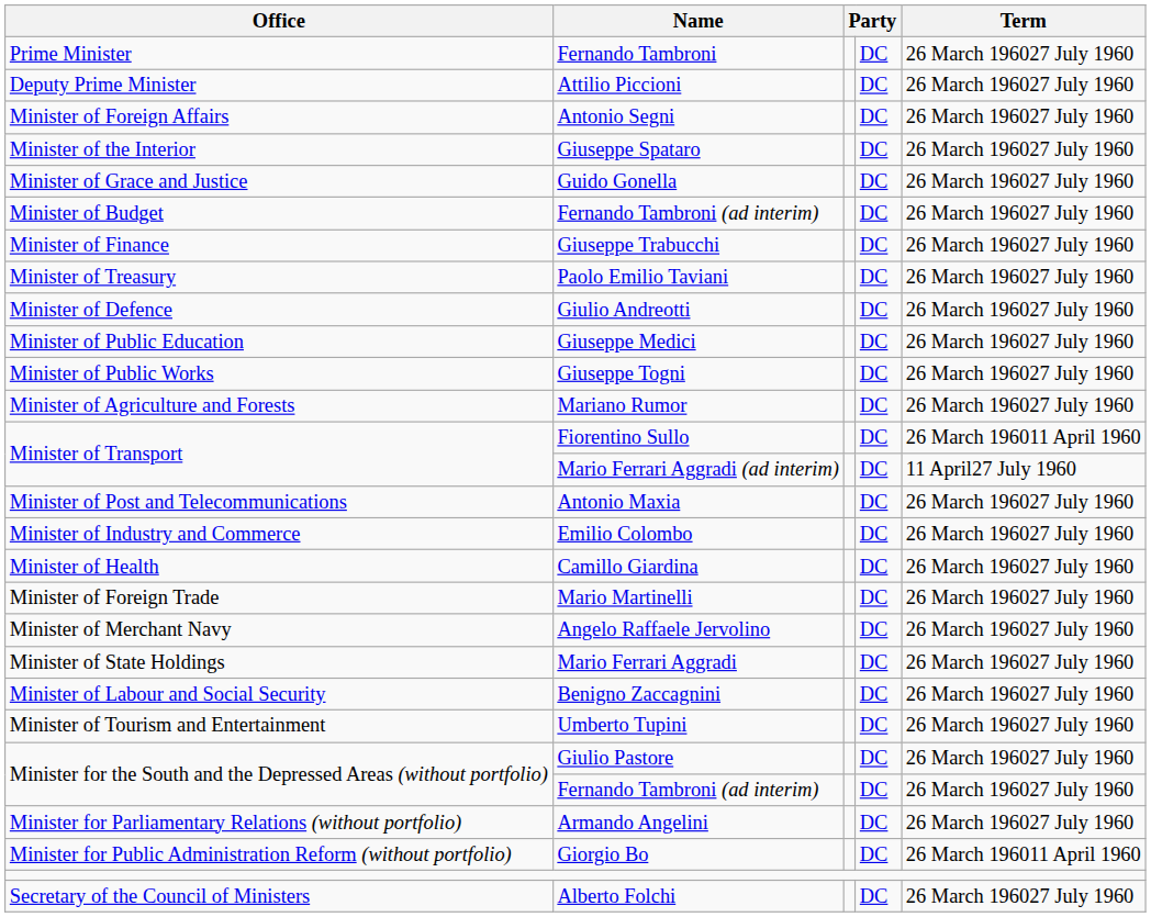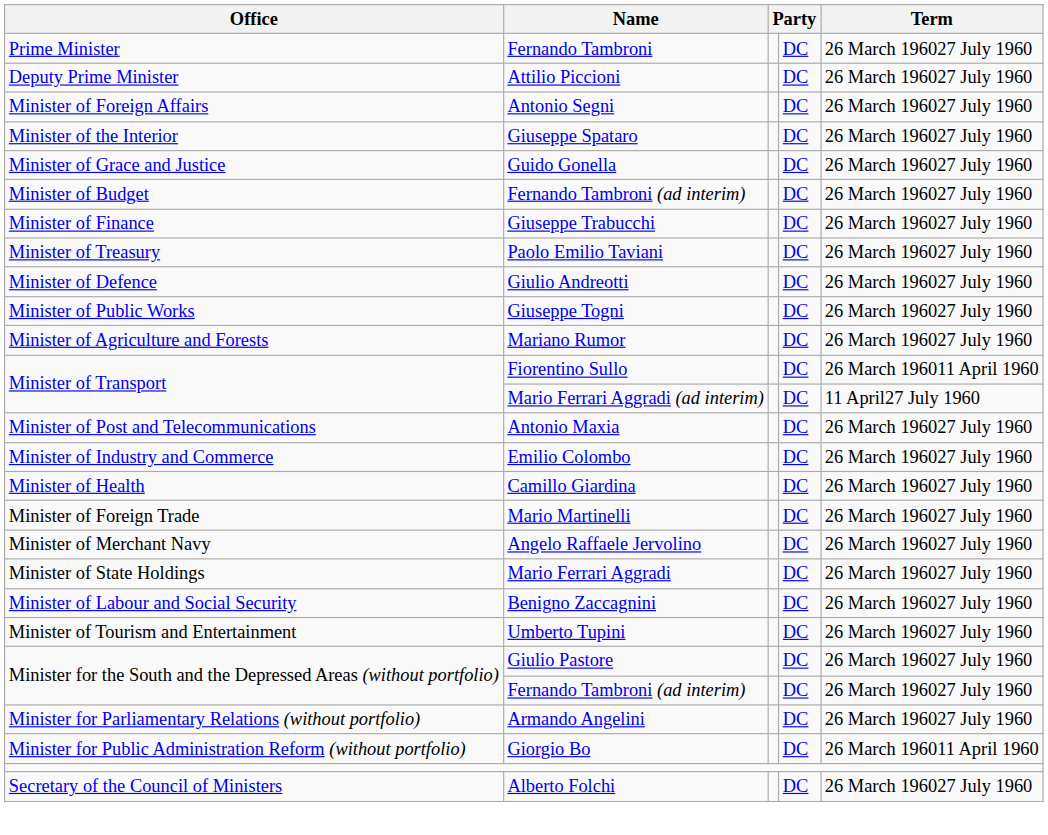 <table class="wikitable">
 <tr>
 <th>Office</th>
 <th>Name</th>
 <th colspan=2>Party</th>
 <th>Term</th>
 </tr>
 <tr>
 <td><a href='#'>Prime Minister</a></td>
 <td><a href='#'>Fernando Tambroni</a></td>
 <td></td>
 <td><a href='#'>DC</a></td>
 <td>26 March 196027 July 1960</td>
 </tr>
 <tr>
 <td><a href='#'>Deputy Prime Minister</a></td>
 <td><a href='#'>Attilio Piccioni</a></td>
 <td style="color:inherit;background:"></td>
 <td><a href='#'>DC</a></td>
 <td>26 March 196027 July 1960</td>
 </tr>
 <tr>
 <td><a href='#'>Minister of Foreign Affairs</a></td>
 <td><a href='#'>Antonio Segni</a></td>
 <td style="color:inherit;background:"></td>
 <td><a href='#'>DC</a></td>
 <td>26 March 196027 July 1960</td>
 </tr>
 <tr>
 <td><a href='#'>Minister of the Interior</a></td>
 <td><a href='#'>Giuseppe Spataro</a></td>
 <td style="color:inherit;background:"></td>
 <td><a href='#'>DC</a></td>
 <td>26 March 196027 July 1960</td>
 </tr>
 <tr>
 <td><a href='#'>Minister of Grace and Justice</a></td>
 <td><a href='#'>Guido Gonella</a></td>
 <td style="color:inherit;background:"></td>
 <td><a href='#'>DC</a></td>
 <td>26 March 196027 July 1960</td>
 </tr>
 <tr>
 <td><a href='#'>Minister of Budget</a></td>
 <td><a href='#'>Fernando Tambroni</a> <em>(ad interim)</em></td>
 <td></td>
 <td><a href='#'>DC</a></td>
 <td>26 March 196027 July 1960</td>
 </tr>
 <tr>
 <td><a href='#'>Minister of Finance</a></td>
 <td><a href='#'>Giuseppe Trabucchi</a></td>
 <td style="color:inherit;background:"></td>
 <td><a href='#'>DC</a></td>
 <td>26 March 196027 July 1960</td>
 </tr>
 <tr>
 <td><a href='#'>Minister of Treasury</a></td>
 <td><a href='#'>Paolo Emilio Taviani</a></td>
 <td></td>
 <td><a href='#'>DC</a></td>
 <td>26 March 196027 July 1960</td>
 </tr>
 <tr>
 <td><a href='#'>Minister of Defence</a></td>
 <td><a href='#'>Giulio Andreotti</a></td>
-<td style="color:inherit;background:"></td>
-<td><a href='#'>DC</a></td>
-<td>26 March 196027 July 1960</td>
-</tr>
-<tr>
-<td><a href='#'>Minister of Public Education</a></td>
-<td><a href='#'>Giuseppe Medici</a></td>
 <td style="color:inherit;background:"></td>
 <td><a href='#'>DC</a></td>
 <td>26 March 196027 July 1960</td>
 </tr>
 <tr>
 <td><a href='#'>Minister of Public Works</a></td>
 <td><a href='#'>Giuseppe Togni</a></td>
 <td style="color:inherit;background:"></td>
 <td><a href='#'>DC</a></td>
 <td>26 March 196027 July 1960</td>
 </tr>
 <tr>
 <td><a href='#'>Minister of Agriculture and Forests</a></td>
 <td><a href='#'>Mariano Rumor</a></td>
 <td style="color:inherit;background:"></td>
 <td><a href='#'>DC</a></td>
 <td>26 March 196027 July 1960</td>
 </tr>
 <tr>
 <td rowspan=2><a href='#'>Minister of Transport</a></td>
 <td><a href='#'>Fiorentino Sullo</a></td>
 <td style="color:inherit;background:"></td>
 <td><a href='#'>DC</a></td>
 <td>26 March 196011 April 1960</td>
 </tr>
 <tr>
 <td><a href='#'>Mario Ferrari Aggradi</a> <em>(ad interim)</em></td>
 <td style="color:inherit;background:"></td>
 <td><a href='#'>DC</a></td>
 <td>11 April27 July 1960</td>
 </tr>
 <tr>
 <td><a href='#'>Minister of Post and Telecommunications</a></td>
 <td><a href='#'>Antonio Maxia</a></td>
 <td style="color:inherit;background:"></td>
 <td><a href='#'>DC</a></td>
 <td>26 March 196027 July 1960</td>
 </tr>
 <tr>
 <td><a href='#'>Minister of Industry and Commerce</a></td>
 <td><a href='#'>Emilio Colombo</a></td>
 <td style="color:inherit;background:"></td>
 <td><a href='#'>DC</a></td>
 <td>26 March 196027 July 1960</td>
 </tr>
 <tr>
 <td><a href='#'>Minister of Health</a></td>
 <td><a href='#'>Camillo Giardina</a></td>
 <td style="color:inherit;background:"></td>
 <td><a href='#'>DC</a></td>
 <td>26 March 196027 July 1960</td>
 </tr>
 <tr>
 <td>Minister of Foreign Trade</td>
 <td><a href='#'>Mario Martinelli</a></td>
 <td></td>
 <td><a href='#'>DC</a></td>
 <td>26 March 196027 July 1960</td>
 </tr>
 <tr>
 <td>Minister of Merchant Navy</td>
 <td><a href='#'>Angelo Raffaele Jervolino</a></td>
 <td></td>
 <td><a href='#'>DC</a></td>
 <td>26 March 196027 July 1960</td>
 </tr>
 <tr>
 <td>Minister of State Holdings</td>
 <td><a href='#'>Mario Ferrari Aggradi</a></td>
 <td style="color:inherit;background:"></td>
 <td><a href='#'>DC</a></td>
 <td>26 March 196027 July 1960</td>
 </tr>
 <tr>
 <td><a href='#'>Minister of Labour and Social Security</a></td>
 <td><a href='#'>Benigno Zaccagnini</a></td>
 <td></td>
 <td><a href='#'>DC</a></td>
 <td>26 March 196027 July 1960</td>
 </tr>
 <tr>
 <td>Minister of Tourism and Entertainment</td>
 <td><a href='#'>Umberto Tupini</a></td>
 <td style="color:inherit;background:"></td>
 <td><a href='#'>DC</a></td>
 <td>26 March 196027 July 1960</td>
 </tr>
 <tr>
 <td rowspan=2>Minister for the South and the Depressed Areas <em>(without portfolio)</em></td>
 <td><a href='#'>Giulio Pastore</a></td>
 <td style="color:inherit;background:"></td>
 <td><a href='#'>DC</a></td>
 <td>26 March 196027 July 1960</td>
 </tr>
 <tr>
 <td><a href='#'>Fernando Tambroni</a> <em>(ad interim)</em></td>
 <td style="color:inherit;background:"></td>
 <td><a href='#'>DC</a></td>
 <td>26 March 196027 July 1960</td>
 </tr>
 <tr>
 <td><a href='#'>Minister for Parliamentary Relations</a> <em>(without portfolio)</em></td>
 <td><a href='#'>Armando Angelini</a></td>
 <td style="color:inherit;background:"></td>
 <td><a href='#'>DC</a></td>
 <td>26 March 196027 July 1960</td>
 </tr>
 <tr>
 <td><a href='#'>Minister for Public Administration Reform</a> <em>(without portfolio)</em></td>
 <td><a href='#'>Giorgio Bo</a></td>
 <td style="color:inherit;background:"></td>
 <td><a href='#'>DC</a></td>
 <td>26 March 196011 April 1960</td>
 </tr>
 <tr>
 <td colspan="5"></td>
 </tr>
 <tr>
 <td><a href='#'>Secretary of the Council of Ministers</a></td>
 <td><a href='#'>Alberto Folchi</a></td>
 <td style="color:inherit;background:"></td>
 <td><a href='#'>DC</a></td>
 <td>26 March 196027 July 1960</td>
 </tr>
 </table>
